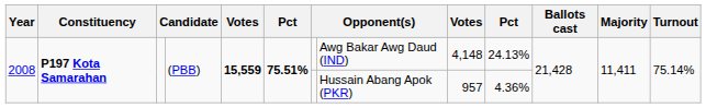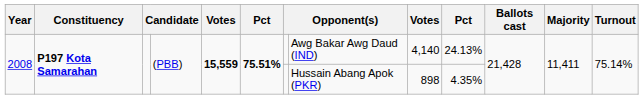 <table class="wikitable" style="margin:0.5em; font-size:95%">
 <tr>
 <th>Year</th>
 <th>Constituency</th>
 <th colspan=2>Candidate</th>
 <th>Votes</th>
 <th>Pct</th>
 <th colspan=2>Opponent(s)</th>
 <th>Votes</th>
 <th>Pct</th>
 <th>Ballots cast</th>
 <th>Majority</th>
 <th>Turnout</th>
 </tr>
 <tr>
 <td rowspan=2><a href='#'>2008</a></td>
 <td rowspan=2><strong>P197 <a href='#'>Kota Samarahan</a></strong></td>
 <td rowspan=2 ></td>
 <td rowspan=2> (<a href='#'>PBB</a>)</td>
 <td rowspan=2 align="right"><strong>15,559</strong></td>
 <td rowspan=2><strong>75.51%</strong></td>
 <td></td>
 <td>Awg Bakar Awg Daud (<a href='#'>IND</a>)</td>
-<td align="right">4,148</td>
+<td align="right">4,140</td>
 <td>24.13%</td>
 <td rowspan=2>21,428</td>
 <td rowspan=2>11,411</td>
 <td rowspan=2>75.14%</td>
 </tr>
 <tr>
 <td></td>
 <td>Hussain Abang Apok (<a href='#'>PKR</a>)</td>
-<td align="right">957</td>
-<td align="right">4.36%</td>
+<td align="right">898</td>
+<td align="right">4.35%</td>
 </tr>
 </table>
